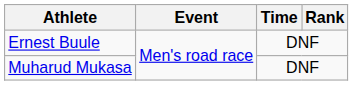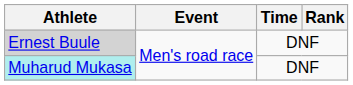 <table class=wikitable style="font-size:90%">
 <tr>
 <th>Athlete</th>
 <th>Event</th>
 <th>Time</th>
 <th>Rank</th>
 </tr>
 <tr align=center>
-<td align=left><a href='#'>Ernest Buule</a></td>
+<td align=left style="background: lightgrey;"><a href='#'>Ernest Buule</a></td>
 <td align=left rowspan=2><a href='#'>Men's road race</a></td>
 <td colspan=2>DNF</td>
 </tr>
 <tr align=center>
-<td align=left><a href='#'>Muharud Mukasa</a></td>
+<td align=left style="background: paleturquoise;"><a href='#'>Muharud Mukasa</a></td>
 <td colspan=2>DNF</td>
 </tr>
 </table>
